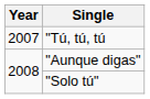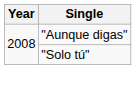 <table class="wikitable">
 <tr>
 <th>Year</th>
 <th>Single</th>
-</tr>
-<tr>
-<td>2007</td>
-<td>"Tú, tú, tú</td>
 </tr>
 <tr>
 <td rowspan="2">2008</td>
 <td>"Aunque digas"</td>
 </tr>
 <tr>
 <td>"Solo tú"</td>
 </tr>
 </table>
